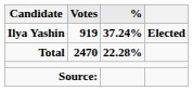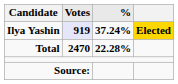 <table class="wikitable" style="text-align:right">
 <tr>
 <th>Candidate</th>
 <th style="background-color:#E9E9E9;text-align:right;">Votes</th>
 <th style="background-color:#E9E9E9;text-align:right;">%</th>
 <th></th>
 </tr>
 <tr>
 <td><strong>Ilya Yashin</strong></td>
-<td><strong>919</strong></td>
+<td style="background: lavender;"><strong>919</strong></td>
 <td><strong>37.24%</strong></td>
-<td><strong>Elected </strong></td>
+<td style="background: gold;"><strong>Elected </strong></td>
 </tr>
 <tr style="font-weight:bold">
 <td>Total</td>
 <td>2470</td>
 <td>22.28%</td>
 <td></td>
 </tr>
 <tr>
 <td colspan="4"></td>
 </tr>
 <tr style="font-weight:bold">
 <td colspan="2">Source:</td>
 <td></td>
 <td></td>
 </tr>
 </table>
